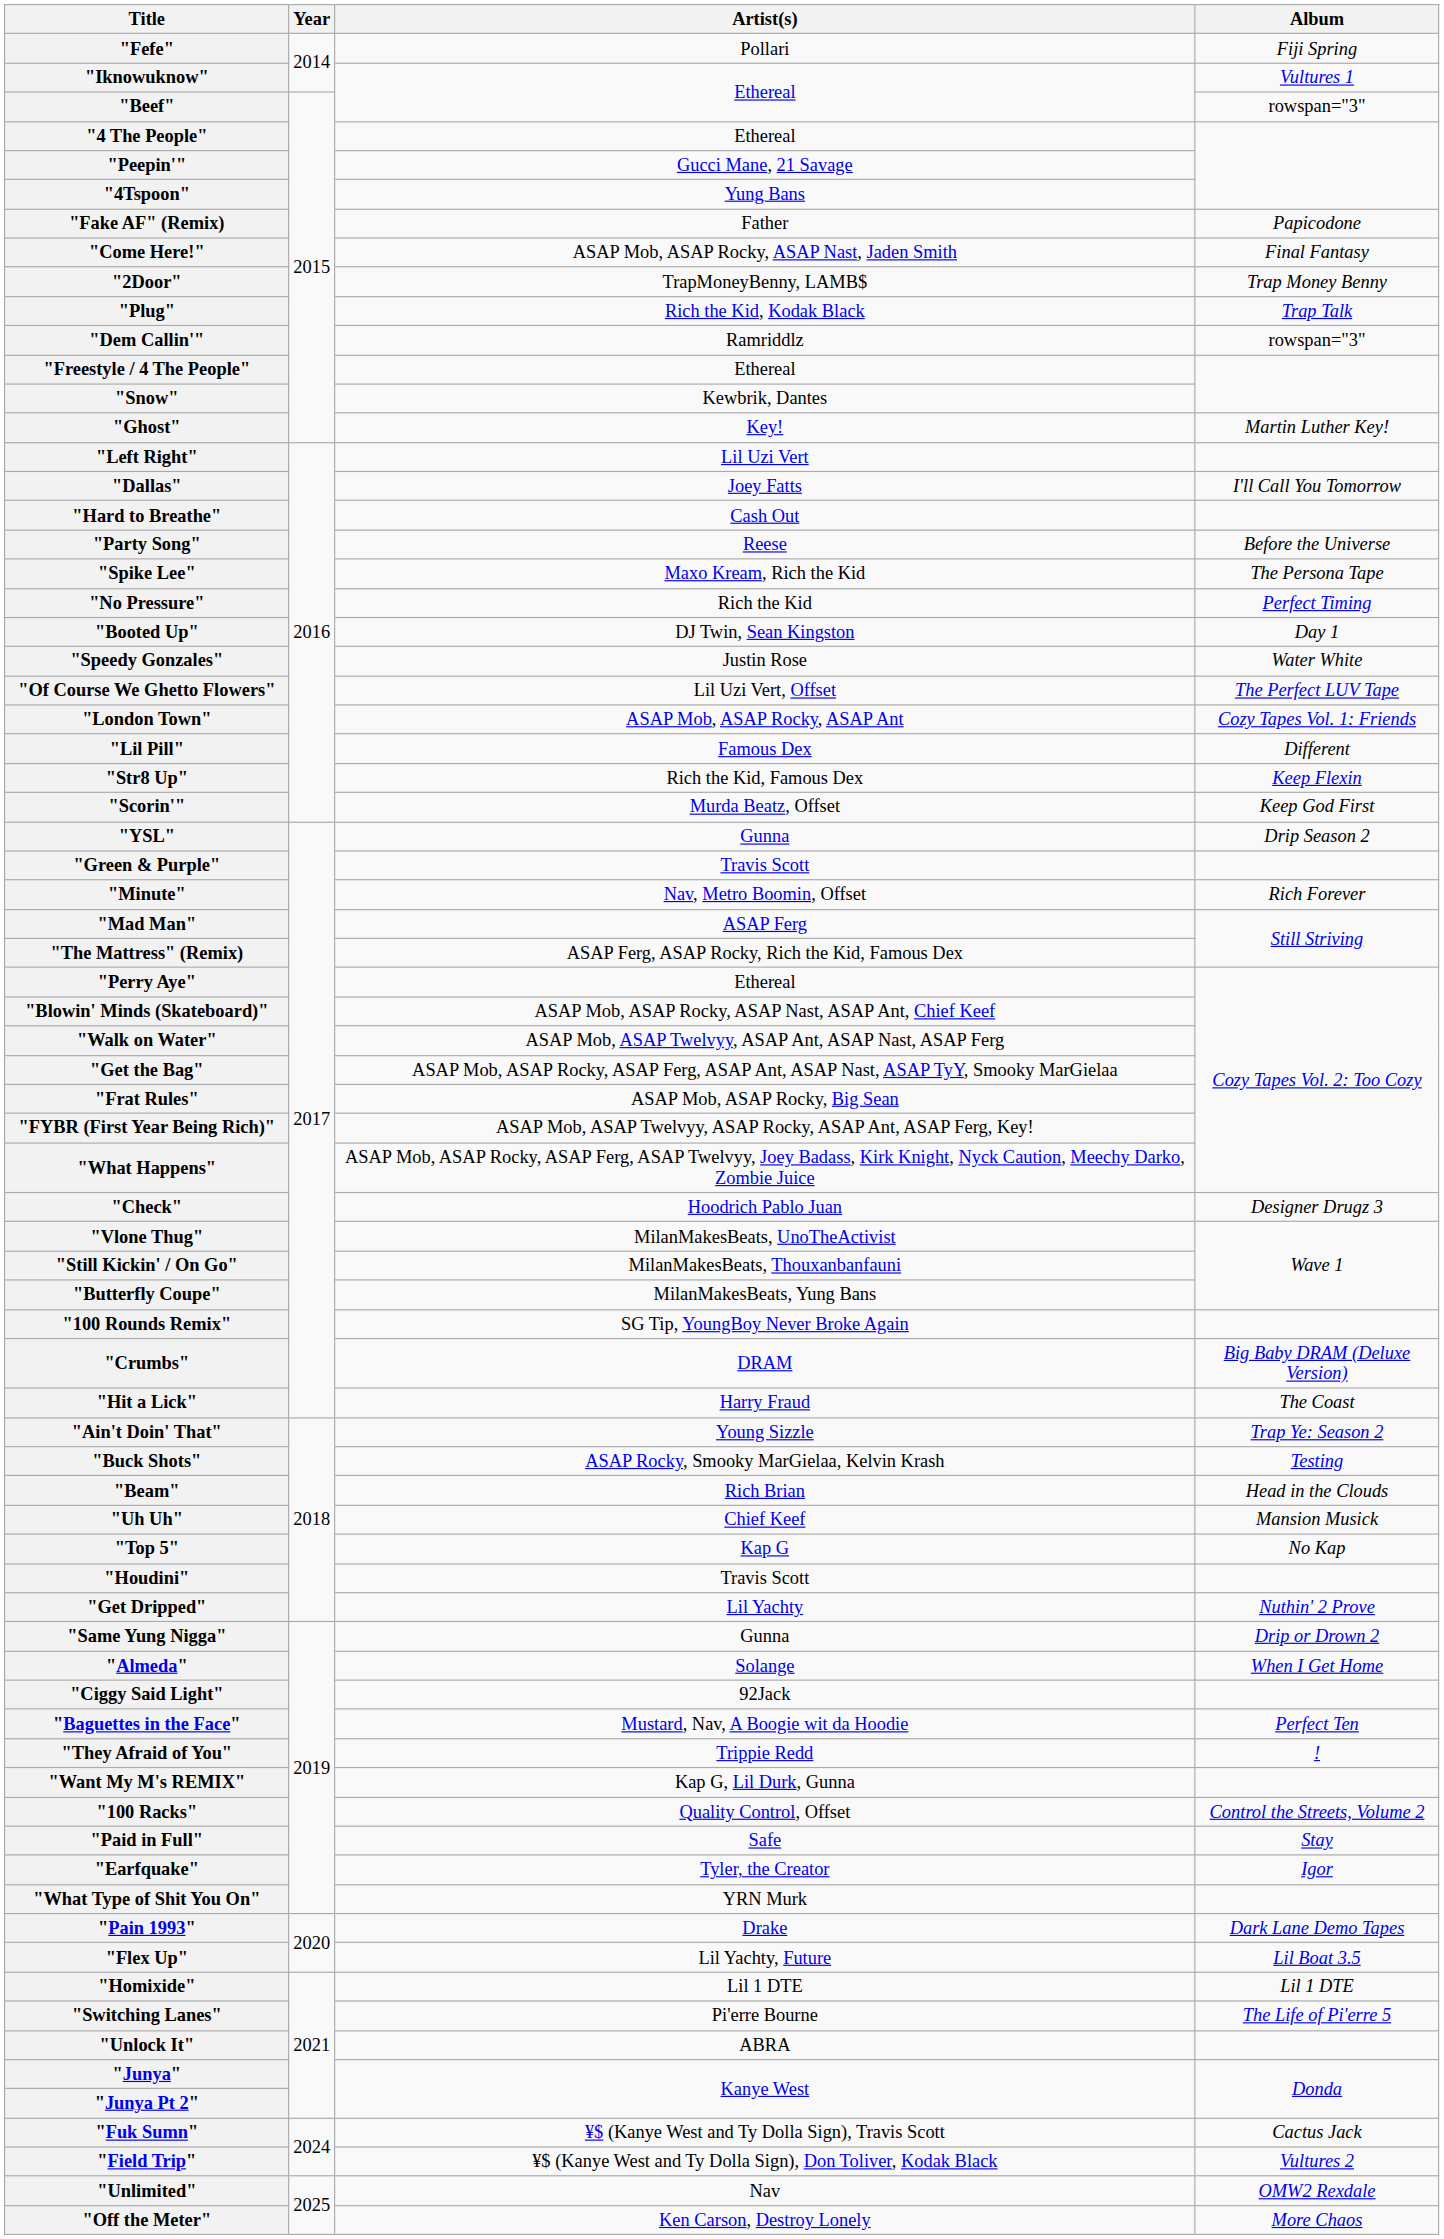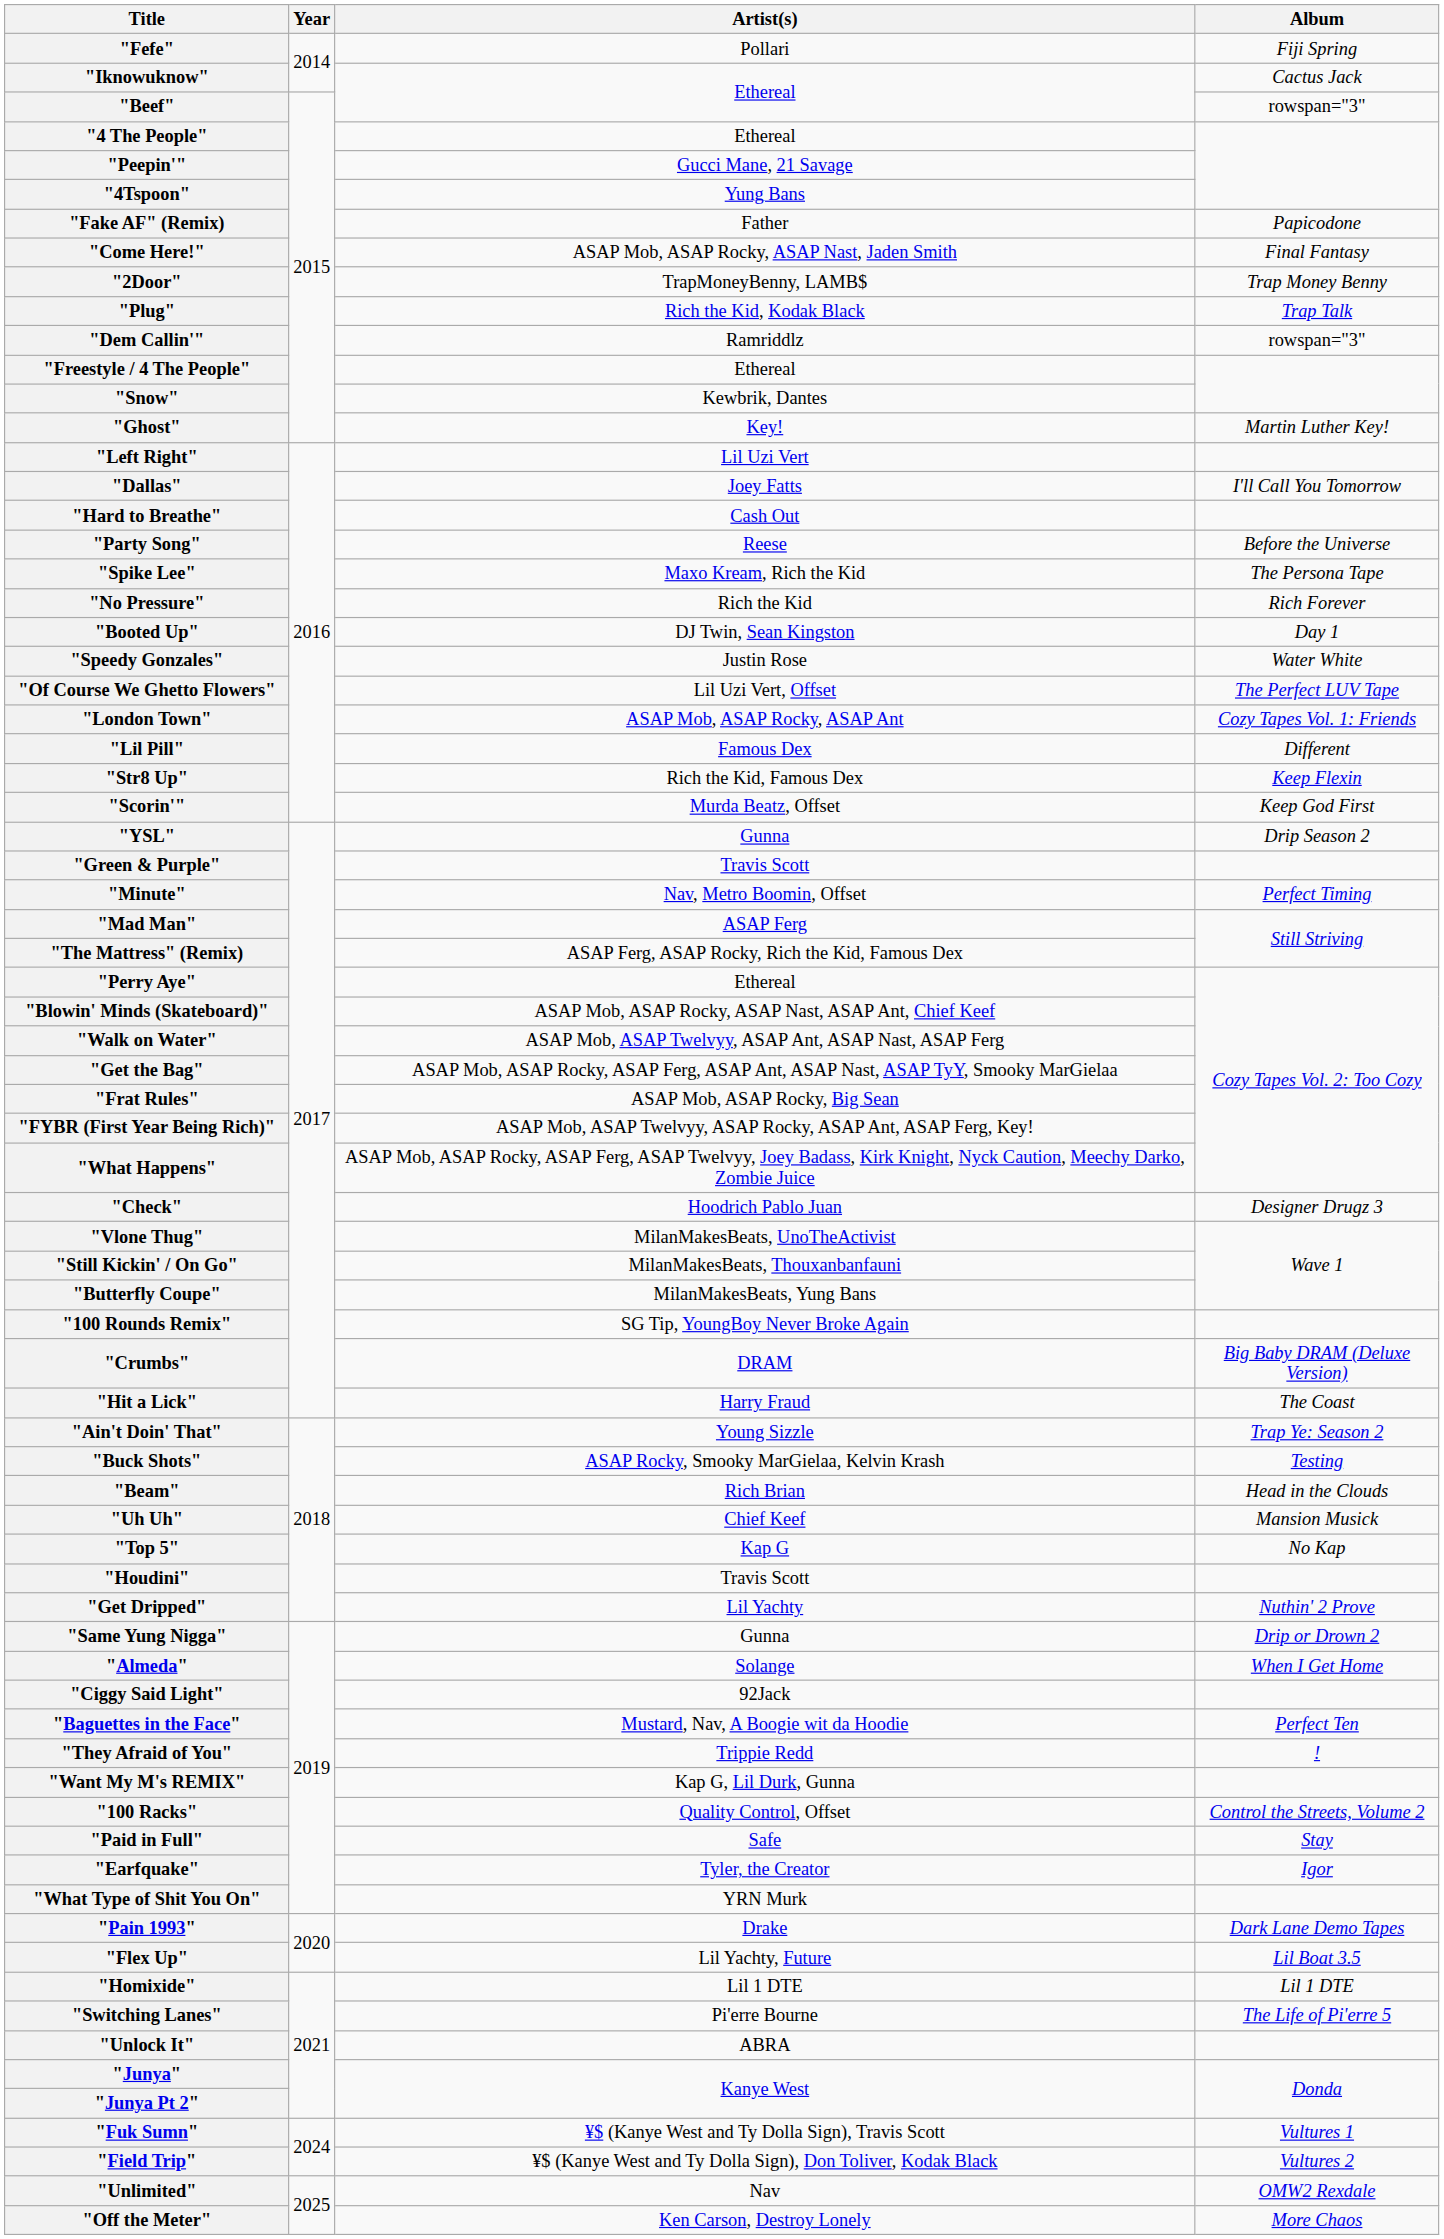 <table class="wikitable plainrowheaders" style="text-align:center;">
 <tr>
 <th scope="col" style="width:15em;">Title</th>
 <th scope="col">Year</th>
 <th scope="col">Artist(s)</th>
 <th scope="col">Album</th>
 </tr>
 <tr>
 <th scope="row">"Fefe"</th>
 <td rowspan="2">2014</td>
 <td>Pollari</td>
 <td><em>Fiji Spring</em></td>
 </tr>
 <tr>
 <th scope="row">"Iknowuknow"</th>
 <td rowspan="2"><a href='#'>Ethereal</a></td>
-<td><em><a href='#'>Vultures 1</a></em></td>
+<td><em>Cactus Jack</em></td>
 </tr>
 <tr>
 <th scope="row">"Beef"</th>
 <td rowspan="12">2015</td>
 <td>rowspan="3" </td>
 </tr>
 <tr>
 <th scope="row">"4 The People"</th>
 <td>Ethereal</td>
 </tr>
 <tr>
 <th scope="row">"Peepin'"</th>
 <td><a href='#'>Gucci Mane</a>, <a href='#'>21 Savage</a></td>
 </tr>
 <tr>
 <th scope="row">"4Tspoon"</th>
 <td><a href='#'>Yung Bans</a></td>
 </tr>
 <tr>
 <th scope="row">"Fake AF" (Remix)</th>
 <td>Father</td>
 <td><em>Papicodone</em></td>
 </tr>
 <tr>
 <th scope="row">"Come Here!"</th>
 <td>ASAP Mob, ASAP Rocky, <a href='#'>ASAP Nast</a>, <a href='#'>Jaden Smith</a></td>
 <td><em>Final Fantasy</em></td>
 </tr>
 <tr>
 <th scope="row">"2Door"</th>
 <td>TrapMoneyBenny, LAMB$</td>
 <td><em>Trap Money Benny</em></td>
 </tr>
 <tr>
 <th scope="row">"Plug"</th>
 <td><a href='#'>Rich the Kid</a>, <a href='#'>Kodak Black</a></td>
 <td><em><a href='#'>Trap Talk</a></em></td>
 </tr>
 <tr>
 <th scope="row">"Dem Callin'"</th>
 <td>Ramriddlz</td>
 <td>rowspan="3" </td>
 </tr>
 <tr>
 <th scope="row">"Freestyle / 4 The People"</th>
 <td>Ethereal</td>
 </tr>
 <tr>
 <th scope="row">"Snow"</th>
 <td>Kewbrik, Dantes</td>
 </tr>
 <tr>
 <th scope="row">"Ghost"</th>
 <td><a href='#'>Key!</a></td>
 <td><em>Martin Luther Key!</em></td>
 </tr>
 <tr>
 <th scope="row">"Left Right"</th>
 <td rowspan="13">2016</td>
 <td><a href='#'>Lil Uzi Vert</a></td>
 <td></td>
 </tr>
 <tr>
 <th scope="row">"Dallas"</th>
 <td><a href='#'>Joey Fatts</a></td>
 <td><em>I'll Call You Tomorrow</em></td>
 </tr>
 <tr>
 <th scope="row">"Hard to Breathe"</th>
 <td><a href='#'>Cash Out</a></td>
 <td></td>
 </tr>
 <tr>
 <th scope="row">"Party Song"</th>
 <td><a href='#'>Reese</a></td>
 <td><em>Before the Universe</em></td>
 </tr>
 <tr>
 <th scope="row">"Spike Lee"</th>
 <td><a href='#'>Maxo Kream</a>, Rich the Kid</td>
 <td><em>The Persona Tape</em></td>
 </tr>
 <tr>
 <th scope="row">"No Pressure"</th>
 <td>Rich the Kid</td>
-<td><em><a href='#'>Perfect Timing</a></em></td>
+<td><em>Rich Forever</em></td>
 </tr>
 <tr>
 <th scope="row">"Booted Up"</th>
 <td>DJ Twin, <a href='#'>Sean Kingston</a></td>
 <td><em>Day 1</em></td>
 </tr>
 <tr>
 <th scope="row">"Speedy Gonzales"</th>
 <td>Justin Rose</td>
 <td><em>Water White</em></td>
 </tr>
 <tr>
 <th scope="row">"Of Course We Ghetto Flowers"</th>
 <td>Lil Uzi Vert, <a href='#'>Offset</a></td>
 <td><em><a href='#'>The Perfect LUV Tape</a></em></td>
 </tr>
 <tr>
 <th scope="row">"London Town"</th>
 <td><a href='#'>ASAP Mob</a>, <a href='#'>ASAP Rocky</a>, <a href='#'>ASAP Ant</a></td>
 <td><em><a href='#'>Cozy Tapes Vol. 1: Friends</a></em></td>
 </tr>
 <tr>
 <th scope="row">"Lil Pill"</th>
 <td><a href='#'>Famous Dex</a></td>
 <td><em>Different</em></td>
 </tr>
 <tr>
 <th scope="row">"Str8 Up"</th>
 <td>Rich the Kid, Famous Dex</td>
 <td><em><a href='#'>Keep Flexin</a></em></td>
 </tr>
 <tr>
 <th scope="row">"Scorin'"</th>
 <td><a href='#'>Murda Beatz</a>, Offset</td>
 <td><em>Keep God First</em></td>
 </tr>
 <tr>
 <th scope="row">"YSL"</th>
 <td rowspan="19">2017</td>
 <td><a href='#'>Gunna</a></td>
 <td><em>Drip Season 2</em></td>
 </tr>
 <tr>
 <th scope="row">"Green & Purple"</th>
 <td><a href='#'>Travis Scott</a></td>
 <td></td>
 </tr>
 <tr>
 <th scope="row">"Minute"</th>
 <td><a href='#'>Nav</a>, <a href='#'>Metro Boomin</a>, Offset</td>
-<td><em>Rich Forever</em></td>
+<td><em><a href='#'>Perfect Timing</a></em></td>
 </tr>
 <tr>
 <th scope="row">"Mad Man"</th>
 <td><a href='#'>ASAP Ferg</a></td>
 <td rowspan="2"><em><a href='#'>Still Striving</a></em></td>
 </tr>
 <tr>
 <th scope="row">"The Mattress" (Remix)</th>
 <td>ASAP Ferg, ASAP Rocky, Rich the Kid, Famous Dex</td>
 </tr>
 <tr>
 <th scope="row">"Perry Aye"</th>
 <td>Ethereal</td>
 <td rowspan="7"><em><a href='#'>Cozy Tapes Vol. 2: Too Cozy</a></em></td>
 </tr>
 <tr>
 <th scope="row">"Blowin' Minds (Skateboard)"</th>
 <td>ASAP Mob, ASAP Rocky, ASAP Nast, ASAP Ant, <a href='#'>Chief Keef</a></td>
 </tr>
 <tr>
 <th scope="row">"Walk on Water"</th>
 <td>ASAP Mob, <a href='#'>ASAP Twelvyy</a>, ASAP Ant, ASAP Nast, ASAP Ferg</td>
 </tr>
 <tr>
 <th scope="row">"Get the Bag"</th>
 <td>ASAP Mob, ASAP Rocky, ASAP Ferg, ASAP Ant, ASAP Nast, <a href='#'>ASAP TyY</a>, Smooky MarGielaa</td>
 </tr>
 <tr>
 <th scope="row">"Frat Rules"</th>
 <td>ASAP Mob, ASAP Rocky, <a href='#'>Big Sean</a></td>
 </tr>
 <tr>
 <th scope="row">"FYBR (First Year Being Rich)"</th>
 <td>ASAP Mob, ASAP Twelvyy, ASAP Rocky, ASAP Ant, ASAP Ferg, Key!</td>
 </tr>
 <tr>
 <th scope="row">"What Happens"</th>
 <td>ASAP Mob, ASAP Rocky, ASAP Ferg, ASAP Twelvyy, <a href='#'>Joey Badass</a>, <a href='#'>Kirk Knight</a>, <a href='#'>Nyck Caution</a>, <a href='#'>Meechy Darko</a>, <a href='#'>Zombie Juice</a></td>
 </tr>
 <tr>
 <th scope="row">"Check"</th>
 <td><a href='#'>Hoodrich Pablo Juan</a></td>
 <td><em>Designer Drugz 3</em></td>
 </tr>
 <tr>
 <th scope="row">"Vlone Thug"</th>
 <td>MilanMakesBeats, <a href='#'>UnoTheActivist</a></td>
 <td rowspan="3"><em>Wave 1</em></td>
 </tr>
 <tr>
 <th scope="row">"Still Kickin' / On Go"</th>
 <td>MilanMakesBeats, <a href='#'>Thouxanbanfauni</a></td>
 </tr>
 <tr>
 <th scope="row">"Butterfly Coupe"</th>
 <td>MilanMakesBeats, Yung Bans</td>
 </tr>
 <tr>
 <th scope="row">"100 Rounds Remix"</th>
 <td>SG Tip, <a href='#'>YoungBoy Never Broke Again</a></td>
 <td></td>
 </tr>
 <tr>
 <th scope="row">"Crumbs"</th>
 <td><a href='#'>DRAM</a></td>
 <td><em><a href='#'>Big Baby DRAM (Deluxe Version)</a></em></td>
 </tr>
 <tr>
 <th scope="row">"Hit a Lick"</th>
 <td><a href='#'>Harry Fraud</a></td>
 <td><em>The Coast</em></td>
 </tr>
 <tr>
 <th scope="row">"Ain't Doin' That"</th>
 <td rowspan="7">2018</td>
 <td><a href='#'>Young Sizzle</a></td>
 <td><em><a href='#'>Trap Ye: Season 2</a></em></td>
 </tr>
 <tr>
 <th scope="row">"Buck Shots"</th>
 <td><a href='#'>ASAP Rocky</a>, Smooky MarGielaa, Kelvin Krash</td>
 <td><em><a href='#'>Testing</a></em></td>
 </tr>
 <tr>
 <th scope="row">"Beam"</th>
 <td><a href='#'>Rich Brian</a></td>
 <td><em>Head in the Clouds</em></td>
 </tr>
 <tr>
 <th scope="row">"Uh Uh"</th>
 <td><a href='#'>Chief Keef</a></td>
 <td><em>Mansion Musick</em></td>
 </tr>
 <tr>
 <th scope="row">"Top 5"</th>
 <td><a href='#'>Kap G</a></td>
 <td><em>No Kap</em></td>
 </tr>
 <tr>
 <th scope="row">"Houdini"</th>
 <td>Travis Scott</td>
 <td></td>
 </tr>
 <tr>
 <th scope="row">"Get Dripped"</th>
 <td><a href='#'>Lil Yachty</a></td>
 <td><em><a href='#'>Nuthin' 2 Prove</a></em></td>
 </tr>
 <tr>
 <th scope="row">"Same Yung Nigga"</th>
 <td rowspan="10">2019</td>
 <td>Gunna</td>
 <td><em><a href='#'>Drip or Drown 2</a></em></td>
 </tr>
 <tr>
 <th scope="row">"<a href='#'>Almeda</a>"</th>
 <td><a href='#'>Solange</a></td>
 <td><em><a href='#'>When I Get Home</a></em></td>
 </tr>
 <tr>
 <th scope="row">"Ciggy Said Light"</th>
 <td>92Jack</td>
 <td></td>
 </tr>
 <tr>
 <th scope="row">"<a href='#'>Baguettes in the Face</a>"</th>
 <td><a href='#'>Mustard</a>, Nav, <a href='#'>A Boogie wit da Hoodie</a></td>
 <td><em><a href='#'>Perfect Ten</a></em></td>
 </tr>
 <tr>
 <th scope="row">"They Afraid of You"</th>
 <td><a href='#'>Trippie Redd</a></td>
 <td><em><a href='#'>!</a></em></td>
 </tr>
 <tr>
 <th scope="row">"Want My M's REMIX"</th>
 <td>Kap G, <a href='#'>Lil Durk</a>, Gunna</td>
 <td></td>
 </tr>
 <tr>
 <th scope="row">"100 Racks"</th>
 <td><a href='#'>Quality Control</a>, Offset</td>
 <td><em><a href='#'>Control the Streets, Volume 2</a></em></td>
 </tr>
 <tr>
 <th scope="row">"Paid in Full"</th>
 <td><a href='#'>Safe</a></td>
 <td><em><a href='#'>Stay</a></em></td>
 </tr>
 <tr>
 <th scope="row">"Earfquake"</th>
 <td><a href='#'>Tyler, the Creator</a></td>
 <td><em><a href='#'>Igor</a></em></td>
 </tr>
 <tr>
 <th scope="row">"What Type of Shit You On"</th>
 <td>YRN Murk</td>
 <td></td>
 </tr>
 <tr>
 <th scope="row">"<a href='#'>Pain 1993</a>"</th>
 <td rowspan="2">2020</td>
 <td><a href='#'>Drake</a></td>
 <td><em><a href='#'>Dark Lane Demo Tapes</a></em></td>
 </tr>
 <tr>
 <th scope="row">"Flex Up"</th>
 <td>Lil Yachty, <a href='#'>Future</a></td>
 <td><em><a href='#'>Lil Boat 3.5</a></em></td>
 </tr>
 <tr>
 <th scope="row">"Homixide"</th>
 <td rowspan="5">2021</td>
 <td>Lil 1 DTE</td>
 <td><em>Lil 1 DTE</em></td>
 </tr>
 <tr>
 <th scope="row">"Switching Lanes"</th>
 <td>Pi'erre Bourne</td>
 <td><em><a href='#'>The Life of Pi'erre 5</a></em></td>
 </tr>
 <tr>
 <th scope="row">"Unlock It"</th>
 <td>ABRA</td>
 <td></td>
 </tr>
 <tr>
 <th scope="row">"<a href='#'>Junya</a>"</th>
 <td rowspan="2"><a href='#'>Kanye West</a></td>
 <td rowspan="2"><em><a href='#'>Donda</a></em></td>
 </tr>
 <tr>
 <th scope="row">"<a href='#'>Junya Pt 2</a>"</th>
 </tr>
 <tr>
 <th scope="row">"<a href='#'>Fuk Sumn</a>"</th>
 <td rowspan="2">2024</td>
 <td><a href='#'>¥$</a> (Kanye West and Ty Dolla Sign), Travis Scott</td>
-<td><em>Cactus Jack</em></td>
+<td><em><a href='#'>Vultures 1</a></em></td>
 </tr>
 <tr>
 <th scope="row">"<a href='#'>Field Trip</a>"</th>
 <td>¥$ (Kanye West and Ty Dolla Sign), <a href='#'>Don Toliver</a>, <a href='#'>Kodak Black</a></td>
 <td><em><a href='#'>Vultures 2</a></em></td>
 </tr>
 <tr>
 <th scope="row">"Unlimited"</th>
 <td rowspan="2">2025</td>
 <td>Nav</td>
 <td><em><a href='#'>OMW2 Rexdale</a></em></td>
 </tr>
 <tr>
 <th scope="row">"Off the Meter"</th>
 <td><a href='#'>Ken Carson</a>, <a href='#'>Destroy Lonely</a></td>
 <td><em><a href='#'>More Chaos</a></em></td>
 </tr>
 </table>
